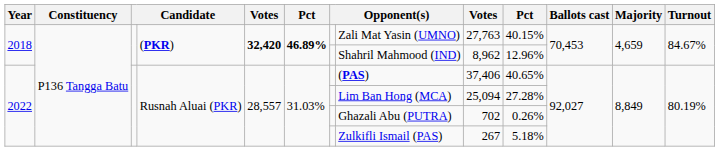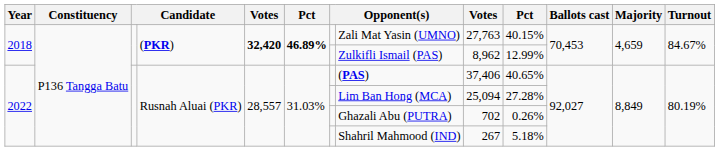 <table class="wikitable" style="margin:0.5em ; font-size:95%">
 <tr>
 <th>Year</th>
 <th>Constituency</th>
 <th colspan=2>Candidate</th>
 <th>Votes</th>
 <th>Pct</th>
 <th colspan=2>Opponent(s)</th>
 <th>Votes</th>
 <th>Pct</th>
 <th>Ballots cast</th>
 <th>Majority</th>
 <th>Turnout</th>
 </tr>
 <tr>
 <td rowspan=2><a href='#'>2018</a></td>
 <td rowspan=6>P136 <a href='#'>Tangga Batu</a></td>
 <td rowspan="2" ></td>
 <td rowspan="2"> (<a href='#'><strong>PKR</strong></a>)</td>
 <td rowspan="2" align="right"><strong>32,420</strong></td>
 <td rowspan="2"><strong>46.89%</strong></td>
 <td></td>
 <td>Zali Mat Yasin (<a href='#'>UMNO</a>)</td>
 <td align="right">27,763</td>
 <td>40.15%</td>
 <td rowspan="2">70,453</td>
 <td rowspan="2">4,659</td>
 <td rowspan="2">84.67%</td>
 </tr>
 <tr>
 <td></td>
-<td>Shahril Mahmood (<a href='#'>IND</a>)</td>
+<td><a href='#'>Zulkifli Ismail</a> (<a href='#'>PAS</a>)</td>
 <td align=right>8,962</td>
-<td>12.96%</td>
+<td>12.99%</td>
 </tr>
 <tr>
 <td rowspan=4><a href='#'>2022</a></td>
 <td rowspan=4 ></td>
 <td rowspan=4>Rusnah Aluai (<a href='#'>PKR</a>)</td>
 <td rowspan=4 align="right">28,557</td>
 <td rowspan=4>31.03%</td>
 <td bgcolor=></td>
 <td> (<a href='#'><strong>PAS</strong></a>)</td>
 <td align="right">37,406</td>
 <td>40.65%</td>
 <td rowspan=4>92,027</td>
 <td rowspan=4>8,849</td>
 <td rowspan=4>80.19%</td>
 </tr>
 <tr>
 <td></td>
 <td><a href='#'>Lim Ban Hong</a> (<a href='#'>MCA</a>)</td>
 <td align="right">25,094</td>
 <td>27.28%</td>
 </tr>
 <tr>
 <td bgcolor=></td>
 <td>Ghazali Abu (<a href='#'>PUTRA</a>)</td>
 <td align="right">702</td>
 <td align=right>0.26%</td>
 </tr>
 <tr>
 <td></td>
-<td><a href='#'>Zulkifli Ismail</a> (<a href='#'>PAS</a>)</td>
+<td>Shahril Mahmood (<a href='#'>IND</a>)</td>
 <td align="right">267</td>
 <td align=right>5.18%</td>
 </tr>
 </table>
